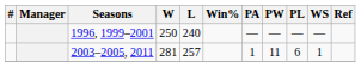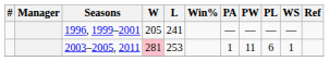 <table class="wikitable sortable" style="text-align:center">
 <tr>
 <th scope="col">#</th>
 <th scope="col">Manager</th>
 <th scope="col">Seasons</th>
 <th scope="col">W</th>
 <th scope="col">L</th>
 <th scope="col">Win%</th>
 <th scope="col" class="unsortable">PA</th>
 <th scope="col" class="unsortable">PW</th>
 <th scope="col" class="unsortable">PL</th>
 <th scope="col" class="unsortable">WS</th>
 <th scope="col" class="unsortable">Ref</th>
 </tr>
 <tr>
 <td align="center"></td>
 <th scope="row" style="text-align: center;"></th>
 <td><a href='#'>1996</a>, <a href='#'>1999</a>–<a href='#'>2001</a></td>
-<td>250</td>
-<td>240</td>
+<td>205</td>
+<td>241</td>
 <td></td>
 <td>—</td>
 <td>—</td>
 <td>—</td>
 <td>—</td>
 <td></td>
 </tr>
 <tr>
 <td align="center"></td>
 <th scope="row" style="text-align: center;"></th>
 <td><a href='#'>2003</a>–<a href='#'>2005</a>, <a href='#'>2011</a></td>
-<td>281</td>
-<td>257</td>
+<td style="background: pink;">281</td>
+<td>253</td>
 <td></td>
 <td>1</td>
 <td>11</td>
 <td>6</td>
 <td>1</td>
 <td></td>
 </tr>
 <tr>
 </tr>
 </table>
